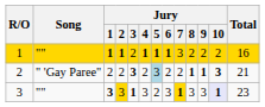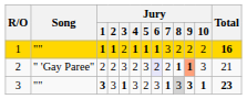 <table class="wikitable" style="margin: 1em auto 1em auto; text-align:center;">
 <tr>
 <th rowspan="2">R/O</th>
 <th rowspan="2">Song</th>
 <th colspan="10">Jury</th>
 <th rowspan="2">Total</th>
 </tr>
 <tr>
 <th>1</th>
 <th>2</th>
 <th>3</th>
 <th>4</th>
 <th>5</th>
 <th>6</th>
 <th>7</th>
 <th>8</th>
 <th>9</th>
 <th>10</th>
 </tr>
 <tr style="background:gold;">
 <td>1</td>
 <td align="left">""</td>
 <td><strong>1</strong></td>
 <td><strong>1</strong></td>
 <td>2</td>
 <td><strong>1</strong></td>
 <td><strong>1</strong></td>
 <td><strong>1</strong></td>
 <td>3</td>
 <td>2</td>
 <td>2</td>
 <td>2</td>
-<td>16</td>
+<td><strong>16</strong></td>
 </tr>
 <tr>
 <td>2</td>
 <td align="left">" 'Gay Paree"</td>
 <td>2</td>
 <td>2</td>
-<td><strong>3</strong></td>
+<td>3</td>
 <td>2</td>
-<td style="background: lightblue;">3</td>
-<td>2</td>
+<td>3</td>
+<td style="background: lavender;">2</td>
 <td>2</td>
 <td><strong>1</strong></td>
-<td><strong>1</strong></td>
-<td><strong>3</strong></td>
+<td style="background: lightsalmon;"><strong>1</strong></td>
+<td>3</td>
 <td>21</td>
 </tr>
 <tr>
 <td>3</td>
 <td align="left">""</td>
 <td><strong>3</strong></td>
-<td style="background: gold;">3</td>
+<td>3</td>
 <td><strong>1</strong></td>
 <td>3</td>
 <td>2</td>
 <td>3</td>
-<td style="background: gold;"><strong>1</strong></td>
-<td>3</td>
-<td>3</td>
-<td style="background: lavender;"><strong>1</strong></td>
-<td>23</td>
+<td><strong>1</strong></td>
+<td style="background: lightgrey;">3</td>
+<td><strong>3</strong></td>
+<td><strong>1</strong></td>
+<td><strong>23</strong></td>
 </tr>
 </table>
